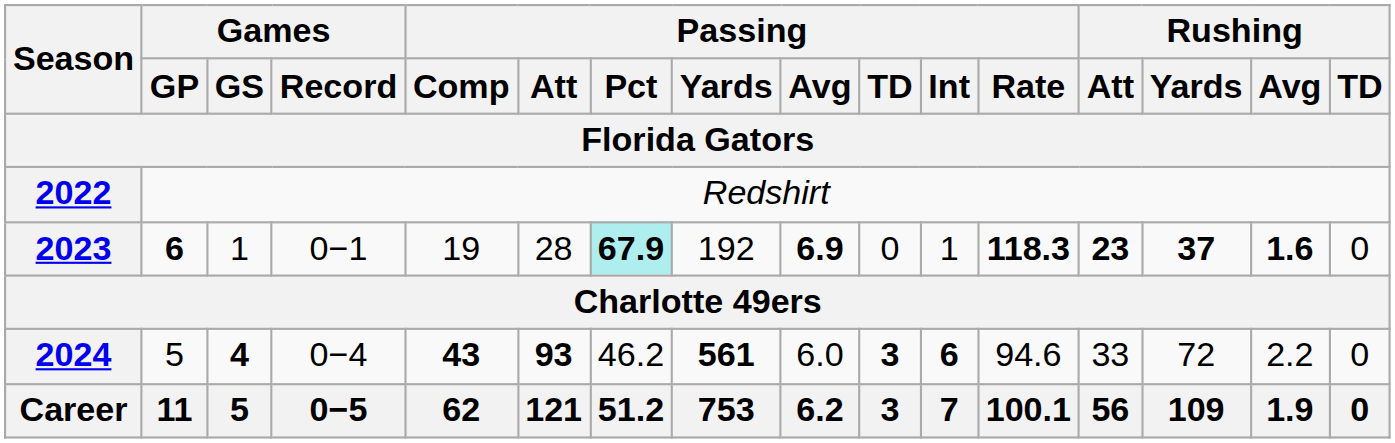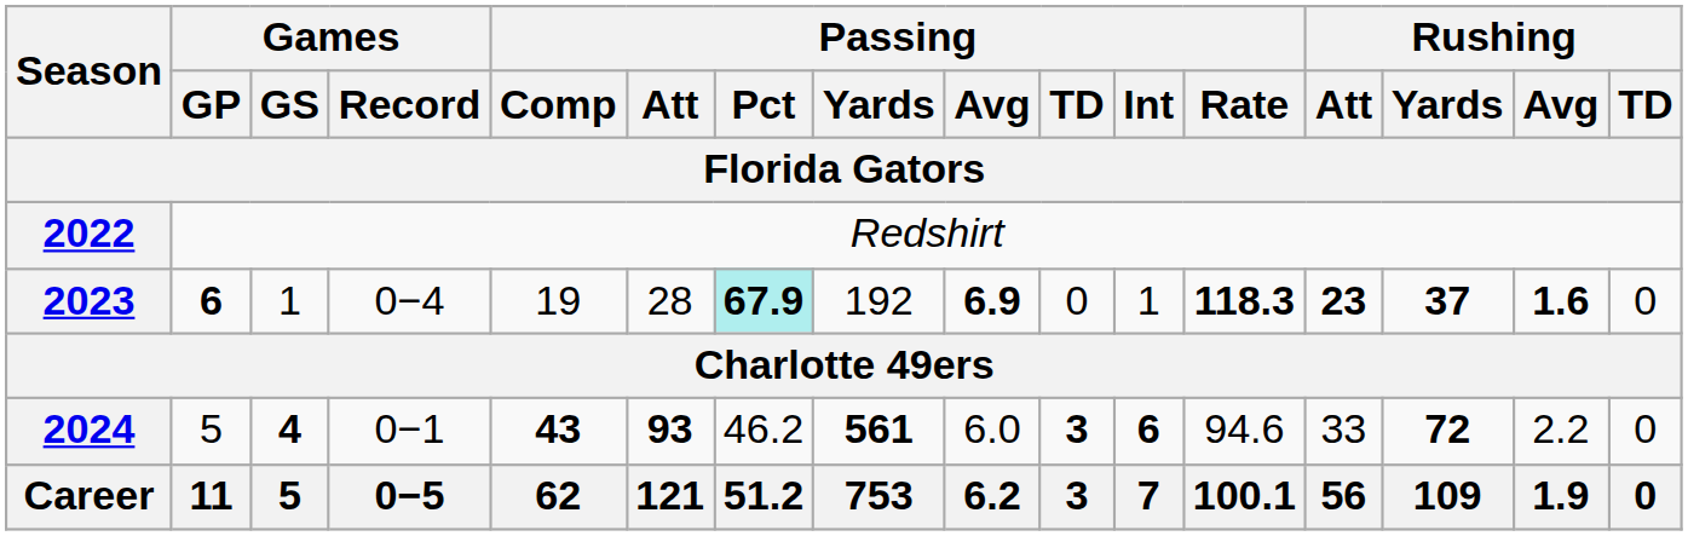 <table class="wikitable" style="text-align:center;">
 <tr>
 <th rowspan="2">Season</th>
 <th colspan="3">Games</th>
 <th colspan="8">Passing</th>
 <th colspan="5">Rushing</th>
 </tr>
 <tr>
 <th>GP</th>
 <th>GS</th>
 <th>Record</th>
 <th>Comp</th>
 <th>Att</th>
 <th>Pct</th>
 <th>Yards</th>
 <th>Avg</th>
 <th>TD</th>
 <th>Int</th>
 <th>Rate</th>
 <th>Att</th>
 <th>Yards</th>
 <th>Avg</th>
 <th>TD</th>
 </tr>
 <tr>
 <th colspan="16">Florida Gators</th>
 </tr>
 <tr>
 <th><a href='#'>2022</a></th>
 <td colspan="15"><em> Redshirt</em></td>
 </tr>
 <tr>
 <th><a href='#'>2023</a></th>
 <td><strong>6</strong></td>
 <td>1</td>
-<td>0−1</td>
+<td>0−4</td>
 <td>19</td>
 <td>28</td>
 <td style="background: paleturquoise;"><strong>67.9</strong></td>
 <td>192</td>
 <td><strong>6.9</strong></td>
 <td>0</td>
 <td>1</td>
 <td><strong>118.3</strong></td>
 <td><strong>23</strong></td>
 <td><strong>37</strong></td>
 <td><strong>1.6</strong></td>
 <td>0</td>
 </tr>
 <tr>
 <th colspan="16">Charlotte 49ers</th>
 </tr>
 <tr>
 <th><a href='#'>2024</a></th>
 <td>5</td>
 <td><strong>4</strong></td>
-<td>0−4</td>
+<td>0−1</td>
 <td><strong>43</strong></td>
 <td><strong>93</strong></td>
 <td>46.2</td>
 <td><strong>561</strong></td>
 <td>6.0</td>
 <td><strong>3</strong></td>
 <td><strong>6</strong></td>
 <td>94.6</td>
 <td>33</td>
-<td>72</td>
+<td><strong>72</strong></td>
 <td>2.2</td>
 <td>0</td>
 </tr>
 <tr>
 <th>Career</th>
 <th>11</th>
 <th>5</th>
 <th>0−5</th>
 <th>62</th>
 <th>121</th>
 <th>51.2</th>
 <th>753</th>
 <th>6.2</th>
 <th>3</th>
 <th>7</th>
 <th>100.1</th>
 <th>56</th>
 <th>109</th>
 <th>1.9</th>
 <th>0</th>
 </tr>
 </table>
